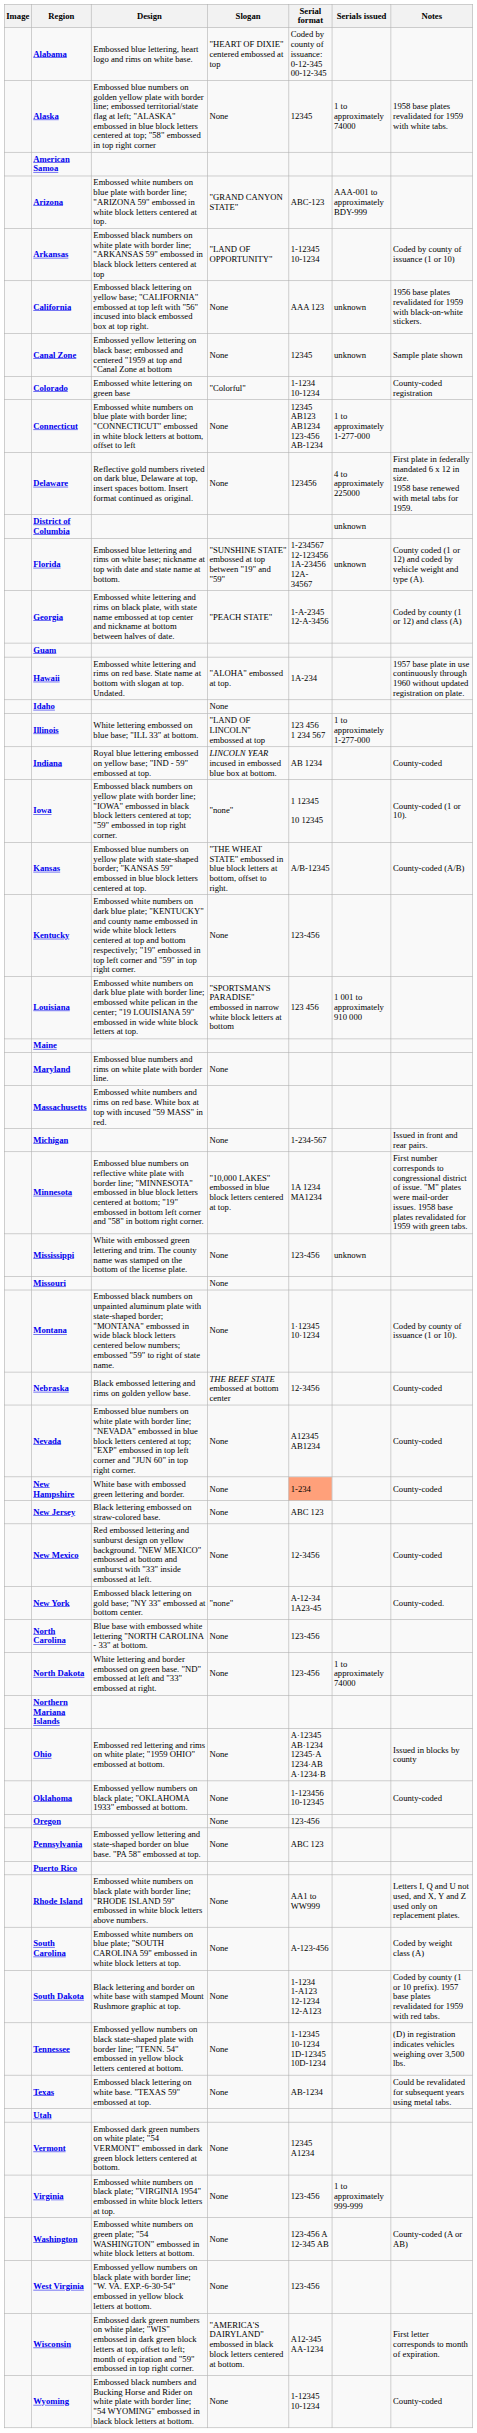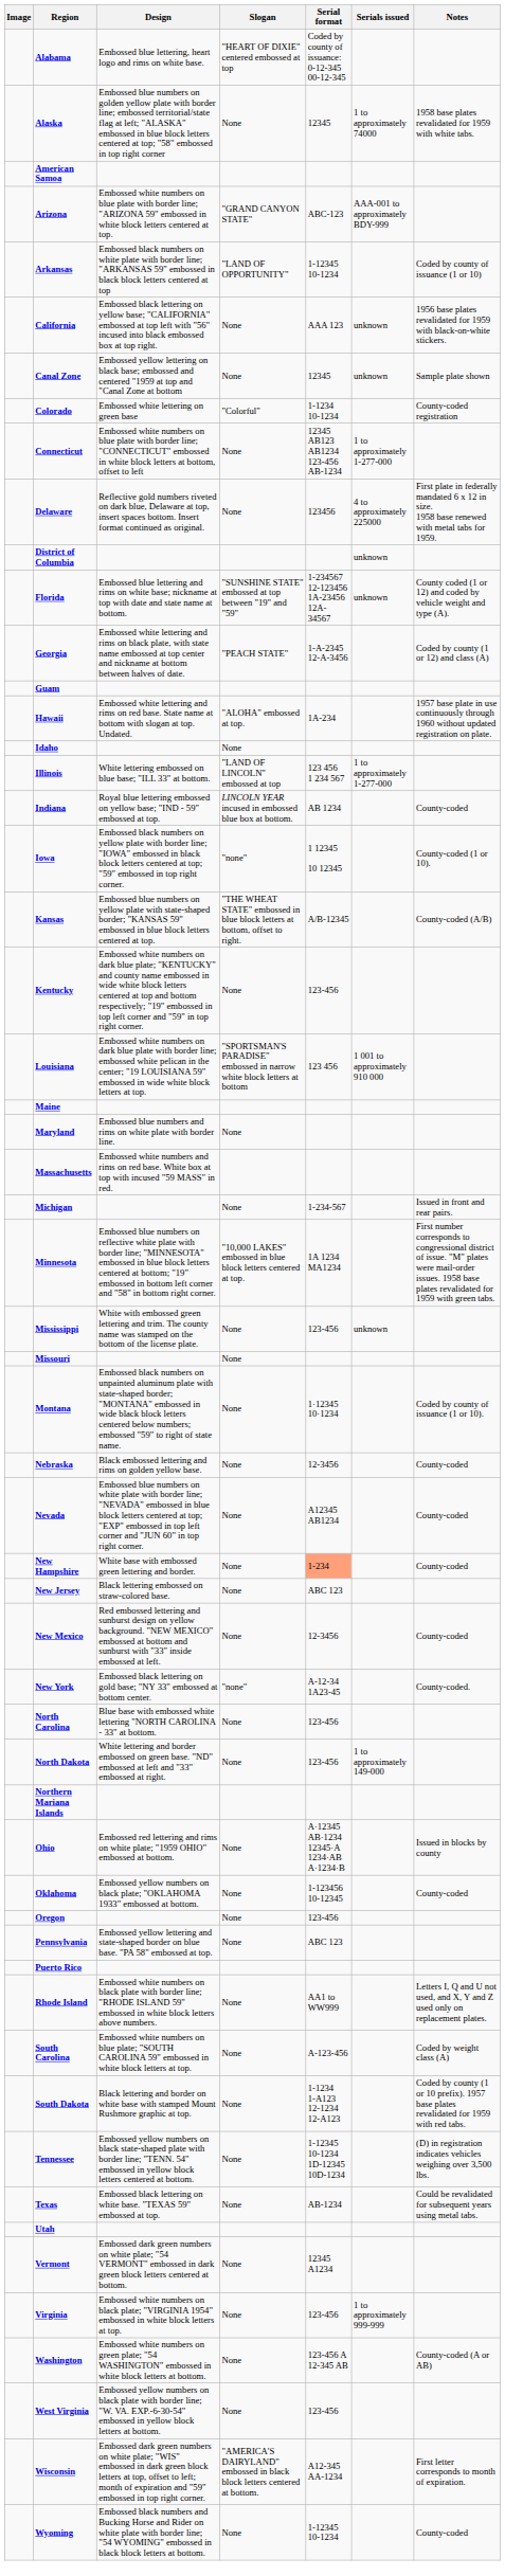 <table class="wikitable">
 <tr>
 <th>Image</th>
 <th>Region</th>
 <th>Design</th>
 <th>Slogan</th>
 <th>Serial format</th>
 <th>Serials issued</th>
 <th>Notes</th>
 </tr>
 <tr>
 <td></td>
 <td><strong><a href='#'>Alabama</a></strong></td>
 <td>Embossed blue lettering, heart logo and rims on white base.</td>
 <td>"HEART OF DIXIE" centered embossed at top</td>
 <td>Coded by county of issuance:<br>0-12-345<br>00-12-345</td>
 <td></td>
 <td></td>
 </tr>
 <tr>
 <td></td>
 <td><strong><a href='#'>Alaska</a></strong></td>
 <td>Embossed blue numbers on golden yellow plate with border line; embossed territorial/state flag at left; "ALASKA" embossed in blue block letters centered at top; "58" embossed in top right corner</td>
 <td>None</td>
 <td>12345</td>
 <td>1 to approximately 74000</td>
 <td>1958 base plates revalidated for 1959 with white tabs.</td>
 </tr>
 <tr>
 <td></td>
 <td><strong><a href='#'>American Samoa</a></strong></td>
 <td></td>
 <td></td>
 <td></td>
 <td></td>
 <td></td>
 </tr>
 <tr>
 <td></td>
 <td><strong><a href='#'>Arizona</a></strong></td>
 <td>Embossed white numbers on blue plate with border line; "ARIZONA 59" embossed in white block letters centered at top.</td>
 <td>"GRAND CANYON STATE"</td>
 <td>ABC-123</td>
 <td>AAA-001 to approximately BDY-999</td>
 <td></td>
 </tr>
 <tr>
 <td></td>
 <td><strong><a href='#'>Arkansas</a></strong></td>
 <td>Embossed black numbers on white plate with border line; "ARKANSAS 59" embossed in black block letters centered at top</td>
 <td>"LAND OF OPPORTUNITY"</td>
 <td>1-12345<br>10-1234</td>
 <td></td>
 <td>Coded by county of issuance (1 or 10)</td>
 </tr>
 <tr>
 <td></td>
 <td><strong><a href='#'>California</a></strong></td>
 <td>Embossed black lettering on yellow base; "CALIFORNIA" embossed at top left with "56" incused into black embossed box at top right.</td>
 <td>None</td>
 <td>AAA 123</td>
 <td>unknown</td>
 <td>1956 base plates revalidated for 1959 with black-on-white stickers.</td>
 </tr>
 <tr>
 <td></td>
 <td><strong><a href='#'>Canal Zone</a></strong></td>
 <td>Embossed yellow lettering on black base; embossed and centered "1959 at top and "Canal Zone at bottom</td>
 <td>None</td>
 <td>12345</td>
 <td>unknown</td>
 <td>Sample plate shown</td>
 </tr>
 <tr>
 <td></td>
 <td><strong><a href='#'>Colorado</a></strong></td>
 <td>Embossed white lettering on green base</td>
 <td>"Colorful"</td>
 <td>1-1234<br>10-1234</td>
 <td></td>
 <td>County-coded registration</td>
 </tr>
 <tr>
 <td></td>
 <td><strong><a href='#'>Connecticut</a></strong></td>
 <td>Embossed white numbers on blue plate with border line; "CONNECTICUT" embossed in white block letters at bottom, offset to left</td>
 <td>None</td>
 <td>12345<br>AB123<br>AB1234<br>123-456<br>AB-1234</td>
 <td>1 to approximately 1-277-000</td>
 <td></td>
 </tr>
 <tr>
 <td></td>
 <td><strong><a href='#'>Delaware</a></strong></td>
 <td>Reflective gold numbers riveted on dark blue, Delaware at top, insert spaces bottom. Insert format continued as original.</td>
 <td>None</td>
 <td>123456</td>
 <td>4 to approximately 225000</td>
 <td>First plate in federally mandated 6 x 12 in size.<br>1958 base renewed with metal tabs for 1959.</td>
 </tr>
 <tr>
 <td></td>
 <td><strong><a href='#'>District of Columbia</a></strong></td>
 <td></td>
 <td></td>
 <td></td>
 <td>unknown</td>
 <td></td>
 </tr>
 <tr>
 <td></td>
 <td><strong><a href='#'>Florida</a></strong></td>
 <td>Embossed blue lettering and rims on white base; nickname at top with date and state name at bottom.</td>
 <td>"SUNSHINE STATE" embossed at top between "19" and "59"</td>
 <td>1-234567<br>12-123456<br>1A-23456<br>12A-34567</td>
 <td>unknown</td>
 <td>County coded (1 or 12) and coded by vehicle weight and type (A).</td>
 </tr>
 <tr>
 <td></td>
 <td><strong><a href='#'>Georgia</a></strong></td>
 <td>Embossed white lettering and rims on black plate, with state name embossed at top center and nickname at bottom between halves of date.</td>
 <td>"PEACH STATE"</td>
 <td>1-A-2345<br>12-A-3456</td>
 <td></td>
 <td>Coded by county (1 or 12) and class (A)</td>
 </tr>
 <tr>
 <td></td>
 <td><strong><a href='#'>Guam</a></strong></td>
 <td></td>
 <td></td>
 <td></td>
 <td></td>
 <td></td>
 </tr>
 <tr>
 <td></td>
 <td><strong><a href='#'>Hawaii</a></strong></td>
 <td>Embossed white lettering and rims on red base. State name at bottom with slogan at top. Undated.</td>
 <td>"ALOHA" embossed at top.</td>
 <td>1A-234</td>
 <td></td>
 <td>1957 base plate in use continuously through 1960 without updated registration on plate.</td>
 </tr>
 <tr>
 <td></td>
 <td><strong><a href='#'>Idaho</a></strong></td>
 <td></td>
 <td>None</td>
 <td></td>
 <td></td>
 <td></td>
 </tr>
 <tr>
 <td></td>
 <td><strong><a href='#'>Illinois</a></strong></td>
 <td>White lettering embossed on blue base; "ILL 33" at bottom.</td>
 <td>"LAND OF LINCOLN" embossed at top</td>
 <td>123 456<br>1 234 567</td>
 <td>1 to approximately 1-277-000</td>
 <td></td>
 </tr>
 <tr>
 <td></td>
 <td><strong><a href='#'>Indiana</a></strong></td>
 <td>Royal blue lettering embossed on yellow base; "IND - 59" embossed at top.</td>
 <td><em>LINCOLN YEAR</em> incused in embossed blue box at bottom.</td>
 <td>AB 1234</td>
 <td></td>
 <td>County-coded</td>
 </tr>
 <tr>
 <td></td>
 <td><strong><a href='#'>Iowa</a></strong></td>
 <td>Embossed black numbers on yellow plate with border line; "IOWA" embossed in black block letters centered at top; "59" embossed in top right corner.</td>
 <td>"none"</td>
 <td>1 12345<br><br>10 12345</td>
 <td></td>
 <td>County-coded (1 or 10).</td>
 </tr>
 <tr>
 <td></td>
 <td><strong><a href='#'>Kansas</a></strong></td>
 <td>Embossed blue numbers on yellow plate with state-shaped border; "KANSAS 59" embossed in blue block letters centered at top.</td>
 <td>"THE WHEAT STATE" embossed in blue block letters at bottom, offset to right.</td>
 <td>A/B-12345</td>
 <td></td>
 <td>County-coded (A/B)</td>
 </tr>
 <tr>
 <td></td>
 <td><strong><a href='#'>Kentucky</a></strong></td>
 <td>Embossed white numbers on dark blue plate; "KENTUCKY" and county name embossed in wide white block letters centered at top and bottom respectively; "19" embossed in top left corner and "59" in top right corner.</td>
 <td>None</td>
 <td>123-456</td>
 <td></td>
 <td></td>
 </tr>
 <tr>
 <td></td>
 <td><strong><a href='#'>Louisiana</a></strong></td>
 <td>Embossed white numbers on dark blue plate with border line; embossed white pelican in the center; "19 LOUISIANA 59" embossed in wide white block letters at top.</td>
 <td>"SPORTSMAN'S PARADISE" embossed in narrow white block letters at bottom</td>
 <td>123 456</td>
 <td>1 001 to approximately 910 000</td>
 <td></td>
 </tr>
 <tr>
 <td></td>
 <td><strong><a href='#'>Maine</a></strong></td>
 <td></td>
 <td></td>
 <td></td>
 <td></td>
 <td></td>
 </tr>
 <tr>
 <td></td>
 <td><strong><a href='#'>Maryland</a></strong></td>
 <td>Embossed blue numbers and rims on white plate with border line.</td>
 <td>None</td>
 <td></td>
 <td></td>
 <td></td>
 </tr>
 <tr>
 <td></td>
 <td><strong><a href='#'>Massachusetts</a></strong></td>
 <td>Embossed white numbers and rims on red base. White box at top with incused "59 MASS" in red.</td>
 <td></td>
 <td></td>
 <td></td>
 <td></td>
 </tr>
 <tr>
 <td></td>
 <td><strong><a href='#'>Michigan</a></strong></td>
 <td></td>
 <td>None</td>
 <td>1-234-567</td>
 <td></td>
 <td>Issued in front and rear pairs.</td>
 </tr>
 <tr>
 <td></td>
 <td><strong><a href='#'>Minnesota</a></strong></td>
 <td>Embossed blue numbers on reflective white plate with border line; "MINNESOTA" embossed in blue block letters centered at bottom; "19" embossed in bottom left corner and "58" in bottom right corner.</td>
 <td>"10,000 LAKES" embossed in blue block letters centered at top.</td>
 <td>1A 1234<br>MA1234</td>
 <td></td>
 <td>First number corresponds to congressional district of issue. "M" plates were mail-order issues. 1958 base plates revalidated for 1959 with green tabs.</td>
 </tr>
 <tr>
 <td></td>
 <td><strong><a href='#'>Mississippi</a></strong></td>
 <td>White with embossed green lettering and trim. The county name was stamped on the bottom of the license plate.</td>
 <td>None</td>
 <td>123-456</td>
 <td>unknown</td>
 <td></td>
 </tr>
 <tr>
 <td></td>
 <td><strong><a href='#'>Missouri</a></strong></td>
 <td></td>
 <td>None</td>
 <td></td>
 <td></td>
 <td></td>
 </tr>
 <tr>
 <td></td>
 <td><strong><a href='#'>Montana</a></strong></td>
 <td>Embossed black numbers on unpainted aluminum plate with state-shaped border; "MONTANA" embossed in wide black block letters centered below numbers; embossed "59" to right of state name.</td>
 <td>None</td>
 <td>1·12345<br>10·1234</td>
 <td></td>
 <td>Coded by county of issuance (1 or 10).</td>
 </tr>
 <tr>
 <td></td>
 <td><strong><a href='#'>Nebraska</a></strong></td>
 <td>Black embossed lettering and rims on golden yellow base.</td>
-<td><em>THE BEEF STATE</em> embossed at bottom center</td>
+<td>None</td>
 <td>12-3456</td>
 <td></td>
 <td>County-coded</td>
 </tr>
 <tr>
 <td></td>
 <td><strong><a href='#'>Nevada</a></strong></td>
 <td>Embossed blue numbers on white plate with border line; "NEVADA" embossed in blue block letters centered at top; "EXP" embossed in top left corner and "JUN 60" in top right corner.</td>
 <td>None</td>
 <td>A12345<br>AB1234</td>
 <td></td>
 <td>County-coded</td>
 </tr>
 <tr>
 <td></td>
 <td><strong><a href='#'>New Hampshire</a></strong></td>
 <td>White base with embossed green lettering and border.</td>
 <td>None</td>
 <td style="background: lightsalmon;">1-234</td>
 <td></td>
 <td>County-coded</td>
 </tr>
 <tr>
 <td></td>
 <td><strong><a href='#'>New Jersey</a></strong></td>
 <td>Black lettering embossed on straw-colored base.</td>
 <td>None</td>
 <td>ABC 123</td>
 <td></td>
 <td></td>
 </tr>
 <tr>
 <td></td>
 <td><strong><a href='#'>New Mexico</a></strong></td>
 <td>Red embossed lettering and sunburst design on yellow background. "NEW MEXICO" embossed at bottom and sunburst with "33" inside embossed at left.</td>
 <td>None</td>
 <td>12-3456</td>
 <td></td>
 <td>County-coded</td>
 </tr>
 <tr>
 <td></td>
 <td><strong><a href='#'>New York</a></strong></td>
 <td>Embossed black lettering on gold base; "NY 33" embossed at bottom center.</td>
 <td>"none"</td>
 <td>A-12-34<br>1A23-45</td>
 <td></td>
 <td>County-coded.</td>
 </tr>
 <tr>
 <td></td>
 <td><strong><a href='#'>North Carolina</a></strong></td>
 <td>Blue base with embossed white lettering "NORTH CAROLINA - 33" at bottom.</td>
 <td>None</td>
 <td>123-456</td>
 <td></td>
 <td></td>
 </tr>
 <tr>
 <td></td>
 <td><strong><a href='#'>North Dakota</a></strong></td>
 <td>White lettering and border embossed on green base. "ND" embossed at left and "33" embossed at right.</td>
 <td>None</td>
 <td>123-456</td>
-<td>1 to approximately 74000</td>
+<td>1 to approximately 149-000</td>
 <td></td>
 </tr>
 <tr>
 <td></td>
 <td><strong><a href='#'>Northern Mariana Islands</a></strong></td>
 <td></td>
 <td></td>
 <td></td>
 <td></td>
 <td></td>
 </tr>
 <tr>
 <td></td>
 <td><strong><a href='#'>Ohio</a></strong></td>
 <td>Embossed red lettering and rims on white plate; "1959 OHIO" embossed at bottom.</td>
 <td>None</td>
 <td>A·12345<br>AB·1234<br>12345·A<br>1234·AB<br>A·1234·B</td>
 <td></td>
 <td>Issued in blocks by county</td>
 </tr>
 <tr>
 <td></td>
 <td><strong><a href='#'>Oklahoma</a></strong></td>
 <td>Embossed yellow numbers on black plate; "OKLAHOMA 1933" embossed at bottom.</td>
 <td>None</td>
 <td>1-123456<br>10-12345</td>
 <td></td>
 <td>County-coded</td>
 </tr>
 <tr>
 <td></td>
 <td><strong><a href='#'>Oregon</a></strong></td>
 <td></td>
 <td>None</td>
 <td>123-456</td>
 <td></td>
 <td></td>
 </tr>
 <tr>
 <td></td>
 <td><strong><a href='#'>Pennsylvania</a></strong></td>
 <td>Embossed yellow lettering and state-shaped border on blue base. "PA 58" embossed at top.</td>
 <td>None</td>
 <td>ABC 123</td>
 <td></td>
 <td></td>
 </tr>
 <tr>
 <td></td>
 <td><strong><a href='#'>Puerto Rico</a></strong></td>
 <td></td>
 <td></td>
 <td></td>
 <td></td>
 <td></td>
 </tr>
 <tr>
 <td></td>
 <td><strong><a href='#'>Rhode Island</a></strong></td>
 <td>Embossed white numbers on black plate with border line; "RHODE ISLAND 59" embossed in white block letters above numbers.</td>
 <td>None</td>
 <td>AA1 to WW999</td>
 <td></td>
 <td>Letters I, Q and U not used, and X, Y and Z used only on replacement plates.</td>
 </tr>
 <tr>
 <td></td>
 <td><strong><a href='#'>South Carolina</a></strong></td>
 <td>Embossed white numbers on blue plate; "SOUTH CAROLINA 59" embossed in white block letters at top.</td>
 <td>None</td>
 <td>A-123-456</td>
 <td></td>
 <td>Coded by weight class (A)</td>
 </tr>
 <tr>
 <td></td>
 <td><strong><a href='#'>South Dakota</a></strong></td>
 <td>Black lettering and border on white base with stamped Mount Rushmore graphic at top.</td>
 <td>None</td>
 <td>1-1234<br>1-A123<br>12-1234<br>12-A123</td>
 <td></td>
 <td>Coded by county (1 or 10 prefix). 1957 base plates revalidated for 1959 with red tabs.</td>
 </tr>
 <tr>
 <td></td>
 <td><strong><a href='#'>Tennessee</a></strong></td>
 <td>Embossed yellow numbers on black state-shaped plate with border line; "TENN. 54" embossed in yellow block letters centered at bottom.</td>
 <td>None</td>
 <td>1-12345<br>10-1234<br>1D-12345<br>10D-1234</td>
 <td></td>
 <td>(D) in registration indicates vehicles weighing over 3,500 lbs.</td>
 </tr>
 <tr>
 <td></td>
 <td><strong><a href='#'>Texas</a></strong></td>
 <td>Embossed black lettering on white base. "TEXAS 59" embossed at top.</td>
 <td>None</td>
 <td>AB-1234</td>
 <td></td>
 <td>Could be revalidated for subsequent years using metal tabs.</td>
 </tr>
 <tr>
 <td></td>
 <td><strong><a href='#'>Utah</a></strong></td>
 <td></td>
 <td></td>
 <td></td>
 <td></td>
 <td></td>
 </tr>
 <tr>
 <td></td>
 <td><strong><a href='#'>Vermont</a></strong></td>
 <td>Embossed dark green numbers on white plate; "54 VERMONT" embossed in dark green block letters centered at bottom.</td>
 <td>None</td>
 <td>12345<br>A1234</td>
 <td></td>
 <td></td>
 </tr>
 <tr>
 <td></td>
 <td><strong><a href='#'>Virginia</a></strong></td>
 <td>Embossed white numbers on black plate; "VIRGINIA 1954" embossed in white block letters at top.</td>
 <td>None</td>
 <td>123-456</td>
 <td>1 to approximately 999-999</td>
 <td></td>
 </tr>
 <tr>
 <td></td>
 <td><strong><a href='#'>Washington</a></strong></td>
 <td>Embossed white numbers on green plate; "54 WASHINGTON" embossed in white block letters at bottom.</td>
 <td>None</td>
 <td>123-456 A<br>12-345 AB</td>
 <td></td>
 <td>County-coded (A or AB)</td>
 </tr>
 <tr>
 <td></td>
 <td><strong><a href='#'>West Virginia</a></strong></td>
 <td>Embossed yellow numbers on black plate with border line; "W. VA. EXP.-6-30-54" embossed in yellow block letters at bottom.</td>
 <td>None</td>
 <td>123-456</td>
 <td></td>
 <td></td>
 </tr>
 <tr>
 <td></td>
 <td><strong><a href='#'>Wisconsin</a></strong></td>
 <td>Embossed dark green numbers on white plate; "WIS" embossed in dark green block letters at top, offset to left; month of expiration and "59" embossed in top right corner.</td>
 <td>"AMERICA'S DAIRYLAND" embossed in black block letters centered at bottom.</td>
 <td>A12-345<br>AA-1234</td>
 <td></td>
 <td>First letter corresponds to month of expiration.</td>
 </tr>
 <tr>
 <td></td>
 <td><strong><a href='#'>Wyoming</a></strong></td>
 <td>Embossed black numbers and Bucking Horse and Rider on white plate with border line; "54 WYOMING" embossed in black block letters at bottom.</td>
 <td>None</td>
 <td>1-12345<br>10-1234</td>
 <td></td>
 <td>County-coded</td>
 </tr>
 </table>
